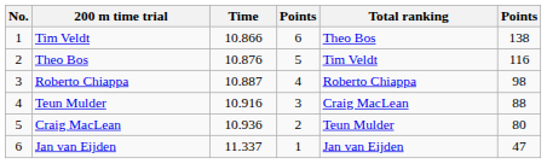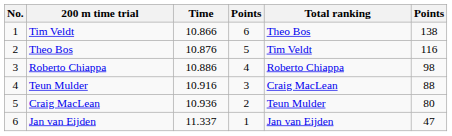 <table class="wikitable">
 <tr>
 <th width="20px">No.</th>
 <th width="200px">200 m time trial</th>
 <th width="70px">Time</th>
 <th width="40px">Points</th>
 <th width="200px">Total ranking</th>
 <th width="40px">Points</th>
 </tr>
 <tr align=center>
 <td>1</td>
 <td align=left> <a href='#'>Tim Veldt</a></td>
 <td>10.866</td>
 <td>6</td>
 <td align=left> <a href='#'>Theo Bos</a></td>
 <td>138</td>
 </tr>
 <tr align=center>
 <td>2</td>
 <td align=left> <a href='#'>Theo Bos</a></td>
 <td>10.876</td>
 <td>5</td>
 <td align=left> <a href='#'>Tim Veldt</a></td>
 <td>116</td>
 </tr>
 <tr align=center>
 <td>3</td>
 <td align=left> <a href='#'>Roberto Chiappa</a></td>
-<td>10.887</td>
+<td>10.886</td>
 <td>4</td>
 <td align=left> <a href='#'>Roberto Chiappa</a></td>
 <td>98</td>
 </tr>
 <tr align=center>
 <td>4</td>
 <td align=left> <a href='#'>Teun Mulder</a></td>
 <td>10.916</td>
 <td>3</td>
 <td align=left> <a href='#'>Craig MacLean</a></td>
 <td>88</td>
 </tr>
 <tr align=center>
 <td>5</td>
 <td align=left> <a href='#'>Craig MacLean</a></td>
 <td>10.936</td>
 <td>2</td>
 <td align=left> <a href='#'>Teun Mulder</a></td>
 <td>80</td>
 </tr>
 <tr align=center>
 <td>6</td>
 <td align=left> <a href='#'>Jan van Eijden</a></td>
 <td>11.337</td>
 <td>1</td>
 <td align=left> <a href='#'>Jan van Eijden</a></td>
 <td>47</td>
 </tr>
 </table>
